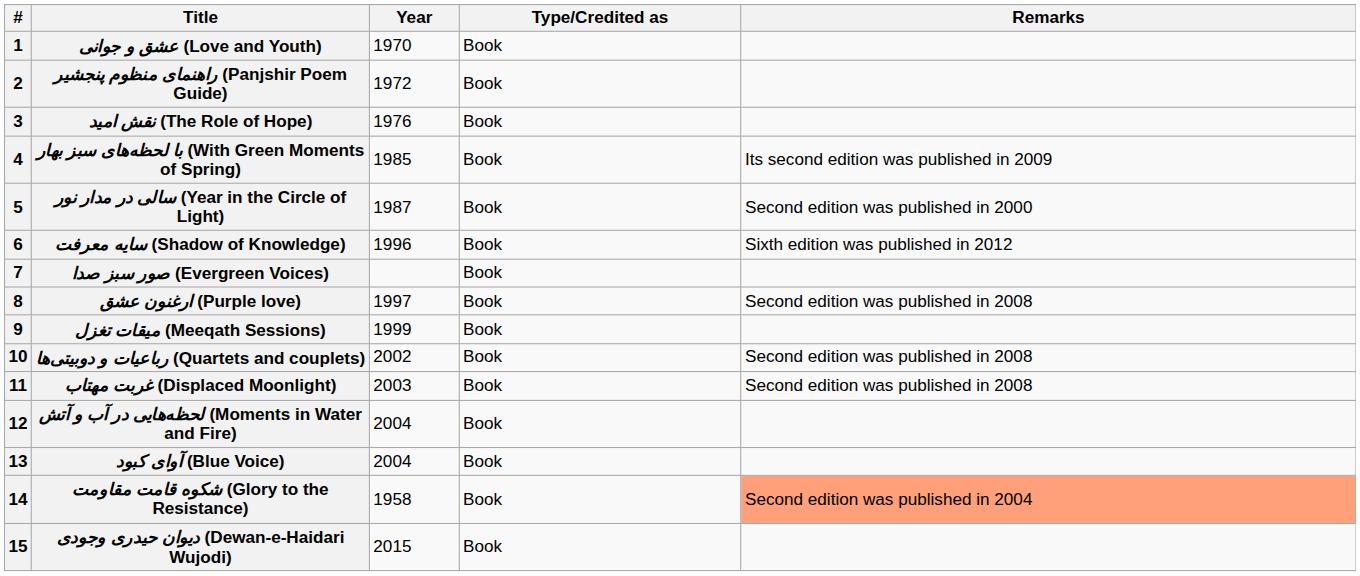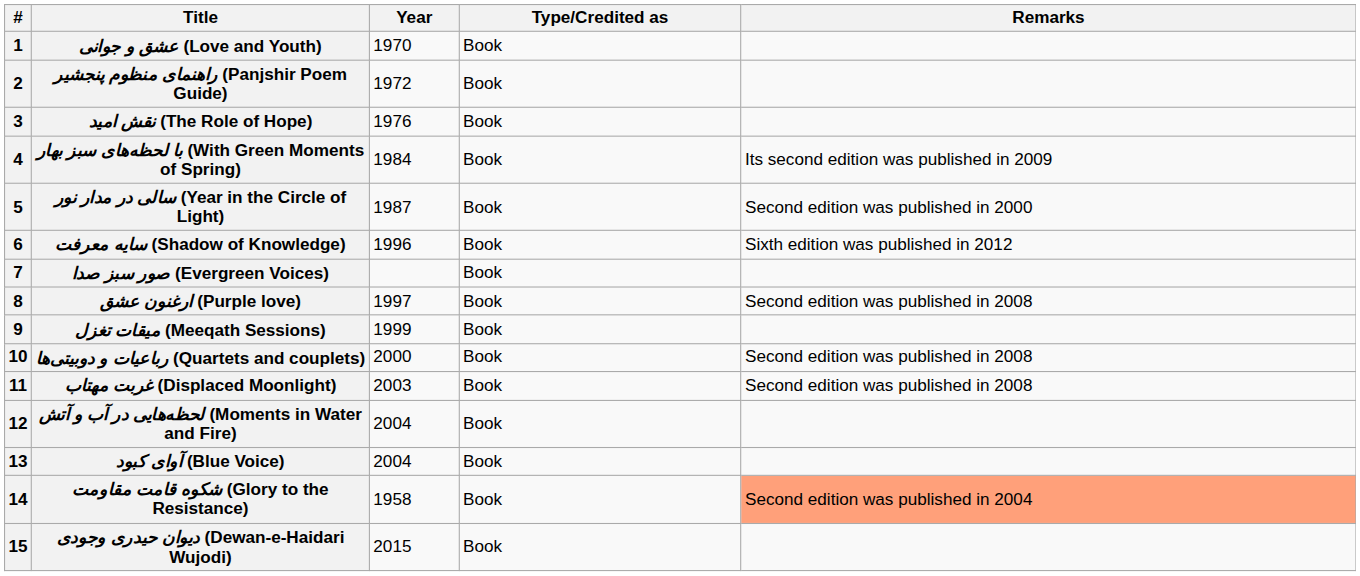 <table class="wikitable sortable plainrowheaders" width=100%>
 <tr>
 <th scope="col" width=2%>#</th>
 <th scope="col" width=25%>Title</th>
 <th scope="col">Year</th>
 <th scope="col">Type/Credited as</th>
 <th scope="col">Remarks</th>
 </tr>
 <tr>
 <th scope="row" align="left">1</th>
 <th><em>عشق و جوانی</em> (Love and Youth)</th>
 <td>1970</td>
 <td>Book</td>
 <td></td>
 </tr>
 <tr>
 <th scope="row" align="left">2</th>
 <th><em>راهنمای منظوم پنجشیر</em> (Panjshir Poem Guide)</th>
 <td>1972</td>
 <td>Book</td>
 <td></td>
 </tr>
 <tr>
 <th scope="row" align="left">3</th>
 <th><em>نقش امید</em> (The Role of Hope)</th>
 <td>1976</td>
 <td>Book</td>
 <td></td>
 </tr>
 <tr>
 <th scope="row" align="left">4</th>
 <th><em>با لحظه‌های سبز بهار</em> (With Green Moments of Spring)</th>
-<td>1985</td>
+<td>1984</td>
 <td>Book</td>
 <td>Its second edition was published in 2009</td>
 </tr>
 <tr>
 <th scope="row" align="left">5</th>
 <th><em>سالی در مدار نور</em> (Year in the Circle of Light)</th>
 <td>1987</td>
 <td>Book</td>
 <td>Second edition was published in 2000</td>
 </tr>
 <tr>
 <th scope="row" align="left">6</th>
 <th><em>سایه معرفت</em> (Shadow of Knowledge)</th>
 <td>1996</td>
 <td>Book</td>
 <td>Sixth edition was published in 2012</td>
 </tr>
 <tr>
 <th scope="row" align="left">7</th>
 <th><em>صور سبز صدا</em> (Evergreen Voices)</th>
 <td></td>
 <td>Book</td>
 <td></td>
 </tr>
 <tr>
 <th scope="row" align="left">8</th>
 <th><em>ارغنون عشق</em> (Purple love)</th>
 <td>1997</td>
 <td>Book</td>
 <td>Second edition was published in 2008</td>
 </tr>
 <tr>
 <th scope="row" align="left">9</th>
 <th><em>میقات تغزل</em> (Meeqath Sessions)</th>
 <td>1999</td>
 <td>Book</td>
 <td></td>
 </tr>
 <tr>
 <th scope="row" align="left">10</th>
 <th><em>رباعیات و دوبیتی‌ها</em> (Quartets and couplets)</th>
-<td>2002</td>
+<td>2000</td>
 <td>Book</td>
 <td>Second edition was published in 2008</td>
 </tr>
 <tr>
 <th scope="row" align="left">11</th>
 <th><em>غربت مهتاب</em> (Displaced Moonlight)</th>
 <td>2003</td>
 <td>Book</td>
 <td>Second edition was published in 2008</td>
 </tr>
 <tr>
 <th scope="row" align="left">12</th>
 <th><em>لحظه‌هایی در آب و آتش</em> (Moments in Water and Fire)</th>
 <td>2004</td>
 <td>Book</td>
 <td></td>
 </tr>
 <tr>
 <th scope="row" align="left">13</th>
 <th><em>آوای کبود</em> (Blue Voice)</th>
 <td>2004</td>
 <td>Book</td>
 <td></td>
 </tr>
 <tr>
 <th scope="row" align="left">14</th>
 <th><em>شکوه قامت مقاومت</em> (Glory to the Resistance)</th>
 <td>1958</td>
 <td>Book</td>
 <td style="background: lightsalmon;">Second edition was published in 2004</td>
 </tr>
 <tr>
 <th scope="row" align="left">15</th>
 <th><em>دیوان حیدری وجودی</em> (Dewan-e-Haidari Wujodi)</th>
 <td>2015</td>
 <td>Book</td>
 <td></td>
 </tr>
 </table>
